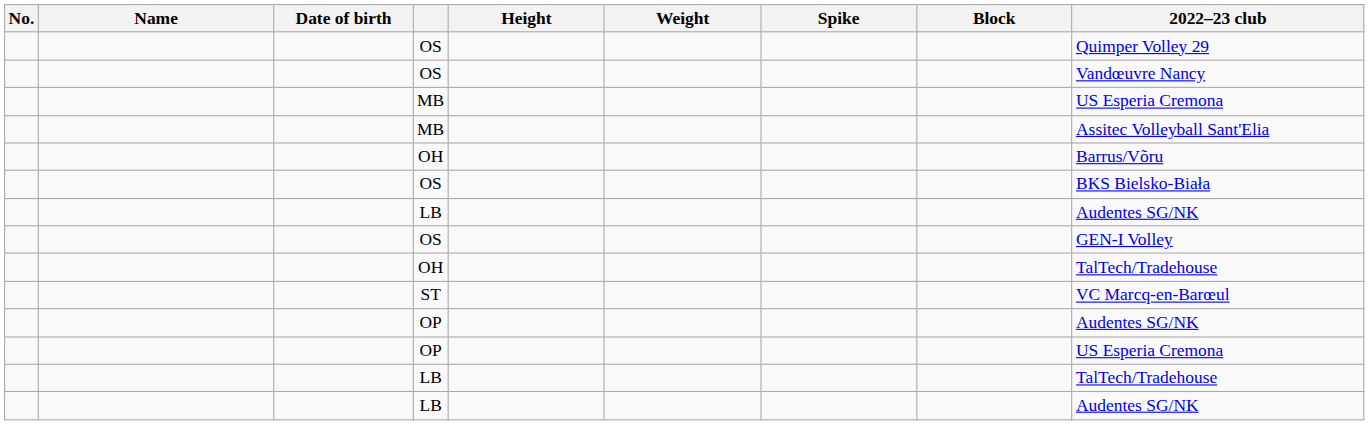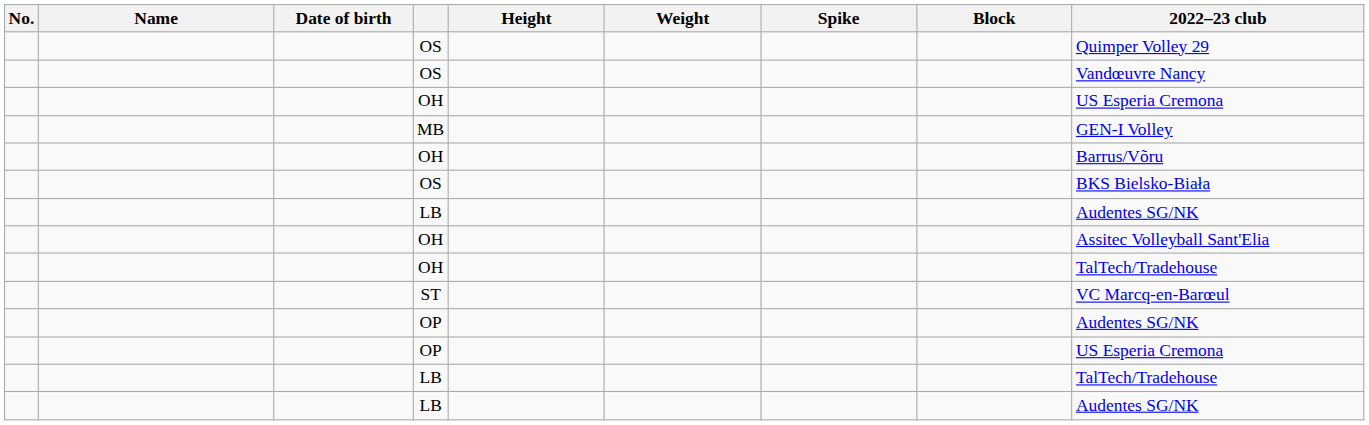 <table class="wikitable sortable" style="font-size:100%; text-align:center;">
 <tr>
 <th>No.</th>
 <th style="width:14em">Name</th>
 <th style="width:8em">Date of birth</th>
 <th></th>
 <th style="width:9em">Height</th>
 <th style="width:9em">Weight</th>
 <th style="width:9em">Spike</th>
 <th style="width:9em">Block</th>
 <th style="width:17em">2022–23 club</th>
 </tr>
 <tr>
 <td></td>
 <td align=left></td>
 <td align=right></td>
 <td>OS</td>
 <td></td>
 <td></td>
 <td></td>
 <td></td>
 <td align=left> <a href='#'>Quimper Volley 29</a></td>
 </tr>
 <tr>
 <td></td>
 <td align=left></td>
 <td align=right></td>
 <td>OS</td>
 <td></td>
 <td></td>
 <td></td>
 <td></td>
 <td align=left> <a href='#'>Vandœuvre Nancy</a></td>
 </tr>
 <tr>
 <td></td>
 <td align=left></td>
 <td align=right></td>
-<td>MB</td>
+<td>OH</td>
 <td></td>
 <td></td>
 <td></td>
 <td></td>
 <td align=left> <a href='#'>US Esperia Cremona</a></td>
 </tr>
 <tr>
 <td></td>
 <td align=left></td>
 <td align=right></td>
 <td>MB</td>
 <td></td>
 <td></td>
 <td></td>
 <td></td>
-<td align=left> <a href='#'>Assitec Volleyball Sant'Elia</a></td>
+<td align=left> <a href='#'>GEN-I Volley</a></td>
 </tr>
 <tr>
 <td></td>
 <td align=left></td>
 <td align=right></td>
 <td>OH</td>
 <td></td>
 <td></td>
 <td></td>
 <td></td>
 <td align=left> <a href='#'>Barrus/Võru</a></td>
 </tr>
 <tr>
 <td></td>
 <td align=left></td>
 <td align=right></td>
 <td>OS</td>
 <td></td>
 <td></td>
 <td></td>
 <td></td>
 <td align=left> <a href='#'>BKS Bielsko-Biała</a></td>
 </tr>
 <tr>
 <td></td>
 <td align=left></td>
 <td align=right></td>
 <td>LB</td>
 <td></td>
 <td></td>
 <td></td>
 <td></td>
 <td align=left> <a href='#'>Audentes SG/NK</a></td>
 </tr>
 <tr>
 <td></td>
 <td align=left></td>
 <td align=right></td>
-<td>OS</td>
+<td>OH</td>
 <td></td>
 <td></td>
 <td></td>
 <td></td>
-<td align=left> <a href='#'>GEN-I Volley</a></td>
+<td align=left> <a href='#'>Assitec Volleyball Sant'Elia</a></td>
 </tr>
 <tr>
 <td></td>
 <td align=left></td>
 <td align=right></td>
 <td>OH</td>
 <td></td>
 <td></td>
 <td></td>
 <td></td>
 <td align=left> <a href='#'>TalTech/Tradehouse</a></td>
 </tr>
 <tr>
 <td></td>
 <td align=left></td>
 <td align=right></td>
 <td>ST</td>
 <td></td>
 <td></td>
 <td></td>
 <td></td>
 <td align=left> <a href='#'>VC Marcq-en-Barœul</a></td>
 </tr>
 <tr>
 <td></td>
 <td align=left></td>
 <td align=right></td>
 <td>OP</td>
 <td></td>
 <td></td>
 <td></td>
 <td></td>
 <td align=left> <a href='#'>Audentes SG/NK</a></td>
 </tr>
 <tr>
 <td></td>
 <td align=left></td>
 <td align=right></td>
 <td>OP</td>
 <td></td>
 <td></td>
 <td></td>
 <td></td>
 <td align=left> <a href='#'>US Esperia Cremona</a></td>
 </tr>
 <tr>
 <td></td>
 <td align=left></td>
 <td align=right></td>
 <td>LB</td>
 <td></td>
 <td></td>
 <td></td>
 <td></td>
 <td align=left> <a href='#'>TalTech/Tradehouse</a></td>
 </tr>
 <tr>
 <td></td>
 <td align=left></td>
 <td align=right></td>
 <td>LB</td>
 <td></td>
 <td></td>
 <td></td>
 <td></td>
 <td align=left> <a href='#'>Audentes SG/NK</a></td>
 </tr>
 </table>
